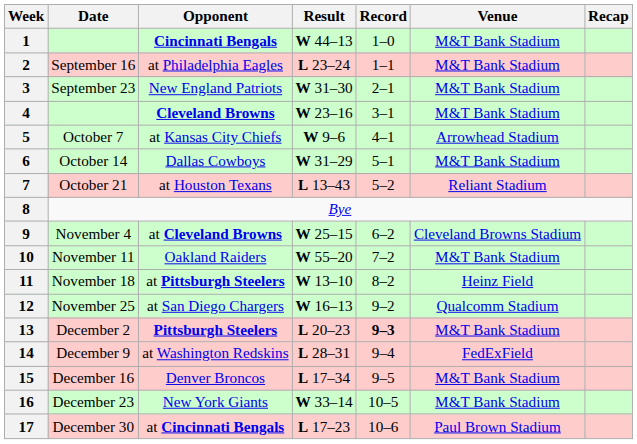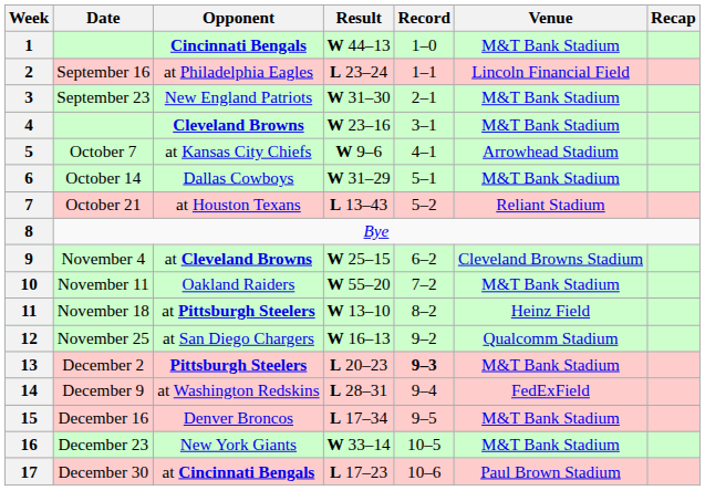 <table class="wikitable" style="text-align:center">
 <tr>
 <th>Week</th>
 <th>Date</th>
 <th>Opponent</th>
 <th>Result</th>
 <th>Record</th>
 <th>Venue</th>
 <th>Recap</th>
 </tr>
 <tr style="background:#cfc">
 <th>1</th>
 <td></td>
 <td><strong><a href='#'>Cincinnati Bengals</a></strong></td>
 <td><strong>W</strong> 44–13</td>
 <td>1–0</td>
 <td><a href='#'>M&T Bank Stadium</a></td>
 <td></td>
 </tr>
 <tr style="background:#fcc">
 <th>2</th>
 <td>September 16</td>
 <td>at <a href='#'>Philadelphia Eagles</a></td>
 <td><strong>L</strong> 23–24</td>
 <td>1–1</td>
-<td><a href='#'>M&T Bank Stadium</a></td>
+<td><a href='#'>Lincoln Financial Field</a></td>
 <td></td>
 </tr>
 <tr style="background:#cfc">
 <th>3</th>
 <td>September 23</td>
 <td><a href='#'>New England Patriots</a></td>
 <td><strong>W</strong> 31–30</td>
 <td>2–1</td>
 <td><a href='#'>M&T Bank Stadium</a></td>
 <td></td>
 </tr>
 <tr style="background:#cfc">
 <th>4</th>
 <td></td>
 <td><strong><a href='#'>Cleveland Browns</a></strong></td>
 <td><strong>W</strong> 23–16</td>
 <td>3–1</td>
 <td><a href='#'>M&T Bank Stadium</a></td>
 <td></td>
 </tr>
 <tr style="background:#cfc">
 <th>5</th>
 <td>October 7</td>
 <td>at <a href='#'>Kansas City Chiefs</a></td>
 <td><strong>W</strong> 9–6</td>
 <td>4–1</td>
 <td><a href='#'>Arrowhead Stadium</a></td>
 <td></td>
 </tr>
 <tr style="background:#cfc">
 <th>6</th>
 <td>October 14</td>
 <td><a href='#'>Dallas Cowboys</a></td>
 <td><strong>W</strong> 31–29</td>
 <td>5–1</td>
 <td><a href='#'>M&T Bank Stadium</a></td>
 <td></td>
 </tr>
 <tr style="background:#fcc">
 <th>7</th>
 <td>October 21</td>
 <td>at <a href='#'>Houston Texans</a></td>
 <td><strong>L</strong> 13–43</td>
 <td>5–2</td>
 <td><a href='#'>Reliant Stadium</a></td>
 <td></td>
 </tr>
 <tr>
 <th>8</th>
 <td colspan="6"><em><a href='#'>Bye</a></em></td>
 </tr>
 <tr style="background:#cfc">
 <th>9</th>
 <td>November 4</td>
 <td>at <strong><a href='#'>Cleveland Browns</a></strong></td>
 <td><strong>W</strong> 25–15</td>
 <td>6–2</td>
 <td><a href='#'>Cleveland Browns Stadium</a></td>
 <td></td>
 </tr>
 <tr style="background:#cfc">
 <th>10</th>
 <td>November 11</td>
 <td><a href='#'>Oakland Raiders</a></td>
 <td><strong>W</strong> 55–20</td>
 <td>7–2</td>
 <td><a href='#'>M&T Bank Stadium</a></td>
 <td></td>
 </tr>
 <tr style="background:#cfc">
 <th>11</th>
 <td>November 18</td>
 <td>at <strong><a href='#'>Pittsburgh Steelers</a></strong></td>
 <td><strong>W</strong> 13–10</td>
 <td>8–2</td>
 <td><a href='#'>Heinz Field</a></td>
 <td></td>
 </tr>
 <tr style="background:#cfc">
 <th>12</th>
 <td>November 25</td>
 <td>at <a href='#'>San Diego Chargers</a></td>
 <td><strong>W</strong> 16–13 </td>
 <td>9–2</td>
 <td><a href='#'>Qualcomm Stadium</a></td>
 <td></td>
 </tr>
 <tr style="background:#fcc">
 <th>13</th>
 <td>December 2</td>
 <td><strong><a href='#'>Pittsburgh Steelers</a></strong></td>
 <td><strong>L</strong> 20–23</td>
 <td><strong>9–3</strong></td>
 <td><a href='#'>M&T Bank Stadium</a></td>
 <td></td>
 </tr>
 <tr style="background:#fcc">
 <th>14</th>
 <td>December 9</td>
 <td>at <a href='#'>Washington Redskins</a></td>
 <td><strong>L</strong> 28–31 </td>
 <td>9–4</td>
 <td><a href='#'>FedExField</a></td>
 <td></td>
 </tr>
 <tr style="background:#fcc">
 <th>15</th>
 <td>December 16</td>
 <td><a href='#'>Denver Broncos</a></td>
 <td><strong>L</strong> 17–34</td>
 <td>9–5</td>
 <td><a href='#'>M&T Bank Stadium</a></td>
 <td></td>
 </tr>
 <tr style="background:#cfc">
 <th>16</th>
 <td>December 23</td>
 <td><a href='#'>New York Giants</a></td>
 <td><strong>W</strong> 33–14</td>
 <td>10–5</td>
 <td><a href='#'>M&T Bank Stadium</a></td>
 <td></td>
 </tr>
 <tr style="background:#fcc">
 <th>17</th>
 <td>December 30</td>
 <td>at <strong><a href='#'>Cincinnati Bengals</a></strong></td>
 <td><strong>L</strong> 17–23</td>
 <td>10–6</td>
 <td><a href='#'>Paul Brown Stadium</a></td>
 <td></td>
 </tr>
 </table>
